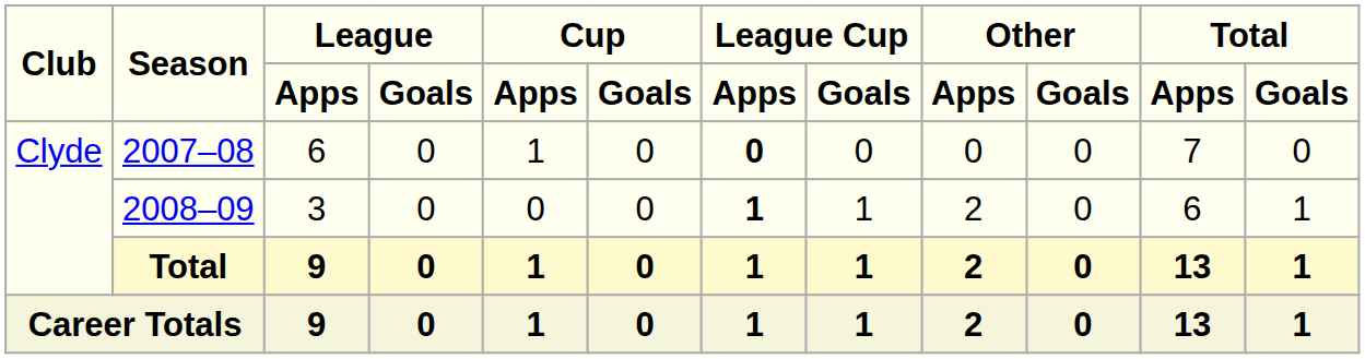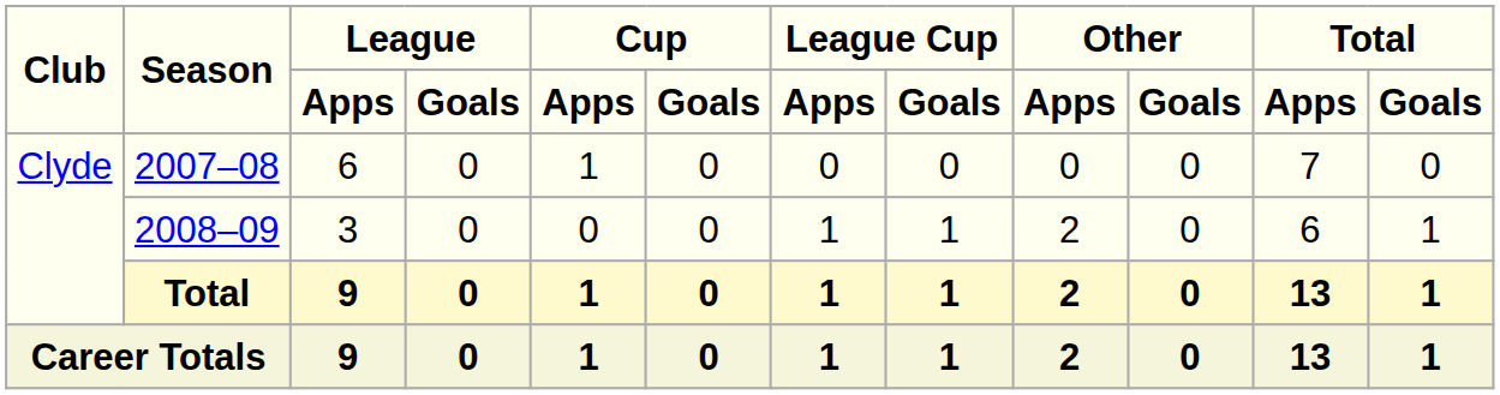 <table border=1 align=center cellpadding=4 cellspacing=2 style="background: ivory; font-size: 95%; border: 1px #aaaaaa solid; border-collapse: collapse; clear:center">
 <tr>
 <th rowspan="2">Club</th>
 <th rowspan="2">Season</th>
 <th colspan="2">League</th>
 <th colspan="2">Cup</th>
 <th colspan="2">League Cup</th>
 <th colspan="2">Other</th>
 <th colspan="2">Total</th>
 </tr>
 <tr>
 <th>Apps</th>
 <th>Goals</th>
 <th>Apps</th>
 <th>Goals</th>
 <th>Apps</th>
 <th>Goals</th>
 <th>Apps</th>
 <th>Goals</th>
 <th>Apps</th>
 <th>Goals</th>
 </tr>
 <tr align=center>
 <td rowspan="3" valign=top><a href='#'>Clyde</a></td>
 <td><a href='#'>2007–08</a></td>
 <td>6</td>
 <td>0</td>
 <td>1</td>
 <td>0</td>
-<td><strong>0</strong></td>
+<td>0</td>
 <td>0</td>
 <td>0</td>
 <td>0</td>
 <td>7</td>
 <td>0</td>
 </tr>
 <tr align=center>
 <td><a href='#'>2008–09</a></td>
 <td>3</td>
 <td>0</td>
 <td>0</td>
 <td>0</td>
-<td><strong>1</strong></td>
+<td>1</td>
 <td>1</td>
 <td>2</td>
 <td>0</td>
 <td>6</td>
 <td>1</td>
 </tr>
 <tr style="background:lemonchiffon">
 <th>Total</th>
 <th>9</th>
 <th>0</th>
 <th>1</th>
 <th>0</th>
 <th>1</th>
 <th>1</th>
 <th>2</th>
 <th>0</th>
 <th>13</th>
 <th>1</th>
 </tr>
 <tr style="background:beige">
 <th colspan="2">Career Totals</th>
 <th>9</th>
 <th>0</th>
 <th>1</th>
 <th>0</th>
 <th>1</th>
 <th>1</th>
 <th>2</th>
 <th>0</th>
 <th>13</th>
 <th>1</th>
 </tr>
 </table>
